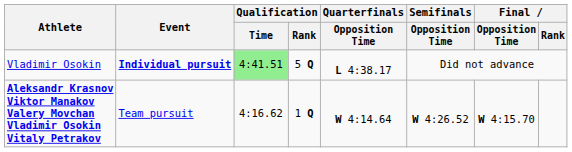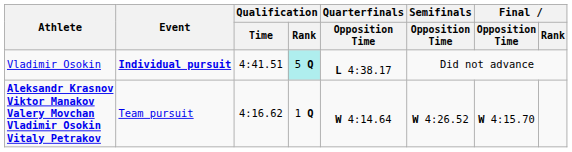 <table class="wikitable" style="text-align:center;font-size:90%">
 <tr>
 <th rowspan=2>Athlete</th>
 <th rowspan=2>Event</th>
 <th colspan=2>Qualification</th>
 <th>Quarterfinals</th>
 <th>Semifinals</th>
 <th colspan=2>Final / </th>
 </tr>
 <tr style="font-size:95%">
 <th>Time</th>
 <th>Rank</th>
 <th>Opposition<br>Time</th>
 <th>Opposition<br>Time</th>
 <th>Opposition<br>Time</th>
 <th>Rank</th>
 </tr>
 <tr>
 <td align=left><a href='#'>Vladimir Osokin</a></td>
 <td align=left><strong><a href='#'>Individual pursuit</a></strong></td>
-<td style="background: lightgreen;">4:41.51</td>
-<td>5 <strong>Q</strong></td>
+<td>4:41.51</td>
+<td style="background: paleturquoise;">5 <strong>Q</strong></td>
 <td><br><strong>L</strong> 4:38.17</td>
 <td colspan=3>Did not advance</td>
 </tr>
 <tr>
 <td align=left><strong><a href='#'>Aleksandr Krasnov</a><br><a href='#'>Viktor Manakov</a><br><a href='#'>Valery Movchan</a><br><a href='#'>Vladimir Osokin</a><br><a href='#'>Vitaly Petrakov</a></strong></td>
 <td align=left><a href='#'>Team pursuit</a></td>
 <td>4:16.62</td>
 <td>1 <strong>Q</strong></td>
 <td><br><strong>W</strong>  4:14.64</td>
 <td><br><strong>W</strong>  4:26.52</td>
 <td><br><strong>W</strong>  4:15.70</td>
 <td></td>
 </tr>
 </table>
